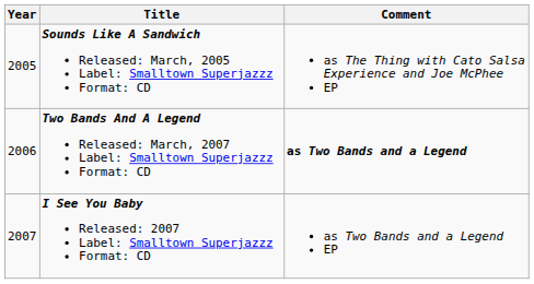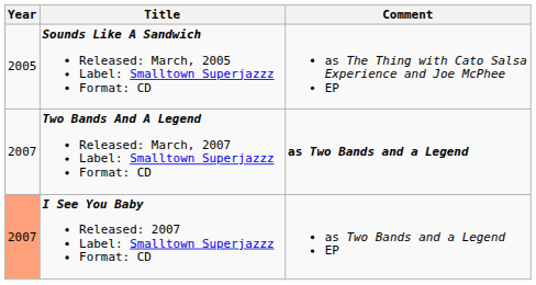 <table class="wikitable">
 <tr>
 <th>Year</th>
 <th style="width:20em">Title</th>
 <th>Comment</th>
 </tr>
 <tr>
 <td>2005</td>
 <td style="width:20em"><strong><em>Sounds Like A Sandwich</em></strong><br><ul><li>Released: March, 2005</li><li>Label: <a href='#'>Smalltown Superjazzz</a> </li><li>Format: CD</li></ul></td>
 <td style="width:20em"><br><ul><li>as <em>The Thing with Cato Salsa Experience and Joe McPhee</em></li><li>EP</li></ul></td>
 </tr>
 <tr>
-<td>2006</td>
+<td>2007</td>
 <td style="width:20em"><strong><em>Two Bands And A Legend</em></strong><br><ul><li>Released: March, 2007</li><li>Label: <a href='#'>Smalltown Superjazzz</a> </li><li>Format: CD</li></ul></td>
 <td><strong>as <em>Two Bands and a Legend</em></strong></td>
 </tr>
 <tr>
-<td>2007</td>
+<td style="background: lightsalmon;">2007</td>
 <td style="width:20em"><strong><em>I See You Baby</em></strong><br><ul><li>Released: 2007</li><li>Label: <a href='#'>Smalltown Superjazzz</a> </li><li>Format: CD</li></ul></td>
 <td><br><ul><li>as <em>Two Bands and a Legend</em></li><li>EP</li></ul></td>
 </tr>
 </table>
